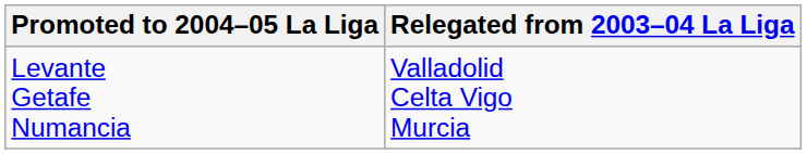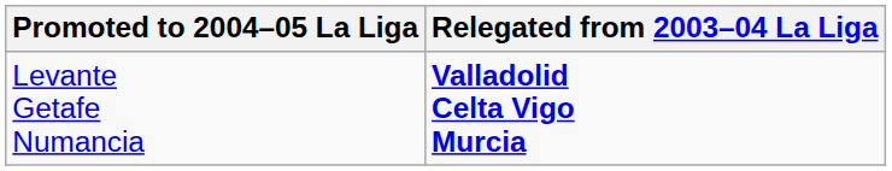 <table class="wikitable">
 <tr>
 <th> Promoted to 2004–05 La Liga</th>
 <th> Relegated from <a href='#'>2003–04 La Liga</a></th>
 </tr>
 <tr>
 <td><a href='#'>Levante</a><br><a href='#'>Getafe</a><br><a href='#'>Numancia</a></td>
-<td><a href='#'>Valladolid</a><br><a href='#'>Celta Vigo</a><br><a href='#'>Murcia</a></td>
+<td><strong><a href='#'>Valladolid</a><br><a href='#'>Celta Vigo</a><br><a href='#'>Murcia</a></strong></td>
 </tr>
 </table>
